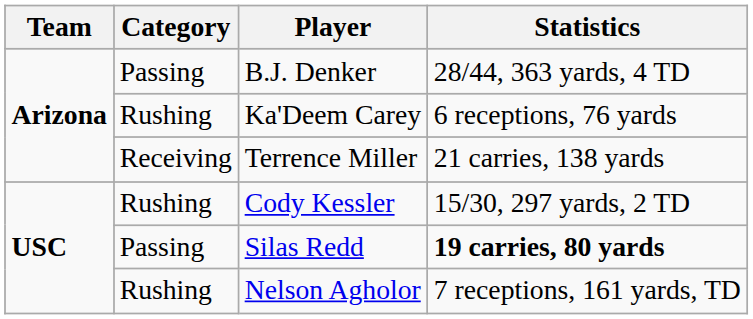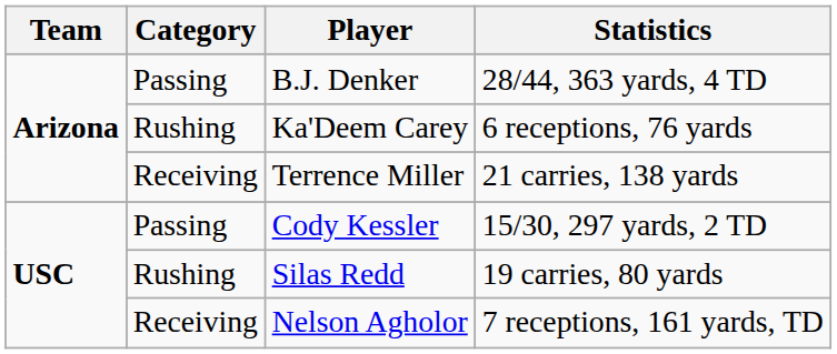 <table class="wikitable" style="float: right;">
 <tr>
 <th>Team</th>
 <th>Category</th>
 <th>Player</th>
 <th>Statistics</th>
 </tr>
 <tr>
 <td rowspan=3><strong>Arizona</strong></td>
 <td>Passing</td>
 <td>B.J. Denker</td>
 <td>28/44, 363 yards, 4 TD</td>
 </tr>
 <tr>
 <td>Rushing</td>
 <td>Ka'Deem Carey</td>
 <td>6 receptions, 76 yards</td>
 </tr>
 <tr>
 <td>Receiving</td>
 <td>Terrence Miller</td>
 <td>21 carries, 138 yards</td>
 </tr>
 <tr>
 <td rowspan=3><strong>USC</strong></td>
-<td>Rushing</td>
+<td>Passing</td>
 <td><a href='#'>Cody Kessler</a></td>
 <td>15/30, 297 yards, 2 TD</td>
 </tr>
 <tr>
-<td>Passing</td>
+<td>Rushing</td>
 <td><a href='#'>Silas Redd</a></td>
-<td><strong>19 carries, 80 yards</strong></td>
+<td>19 carries, 80 yards</td>
 </tr>
 <tr>
-<td>Rushing</td>
+<td>Receiving</td>
 <td><a href='#'>Nelson Agholor</a></td>
 <td>7 receptions, 161 yards, TD</td>
 </tr>
 </table>
